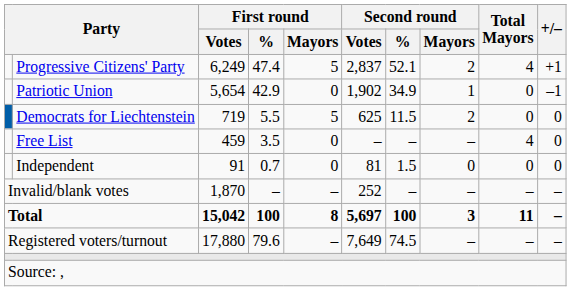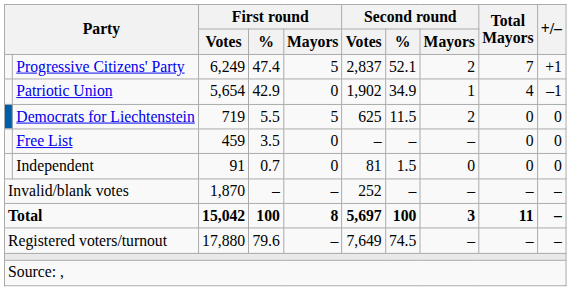 <table class="wikitable" style="text-align:right">
 <tr>
 <th colspan="2" rowspan="2">Party</th>
 <th colspan="3">First round</th>
 <th colspan="3">Second round</th>
 <th rowspan="2">Total<br>Mayors</th>
 <th rowspan="2">+/–</th>
 </tr>
 <tr>
 <th>Votes</th>
 <th>%</th>
 <th>Mayors</th>
 <th>Votes</th>
 <th>%</th>
 <th>Mayors</th>
 </tr>
 <tr>
 <td width="1" style="color:inherit;background:"></td>
 <td align="left"><a href='#'>Progressive Citizens' Party</a></td>
 <td>6,249</td>
 <td>47.4</td>
 <td>5</td>
 <td>2,837</td>
 <td>52.1</td>
 <td>2</td>
-<td>4</td>
+<td>7</td>
 <td>+1</td>
 </tr>
 <tr>
 <td width="1" style="color:inherit;background:"></td>
 <td align="left"><a href='#'>Patriotic Union</a></td>
 <td>5,654</td>
 <td>42.9</td>
 <td>0</td>
 <td>1,902</td>
 <td>34.9</td>
 <td>1</td>
-<td>0</td>
+<td>4</td>
 <td>–1</td>
 </tr>
 <tr>
 <td style="color:inherit;background:#005EA8"></td>
 <td align=left><a href='#'>Democrats for Liechtenstein</a></td>
 <td>719</td>
 <td>5.5</td>
 <td>5</td>
 <td>625</td>
 <td>11.5</td>
 <td>2</td>
 <td>0</td>
 <td>0</td>
 </tr>
 <tr>
 <td style="color:inherit;background:"></td>
 <td align=left><a href='#'>Free List</a></td>
 <td>459</td>
 <td>3.5</td>
 <td>0</td>
 <td>–</td>
 <td>–</td>
 <td>–</td>
-<td>4</td>
+<td>0</td>
 <td>0</td>
 </tr>
 <tr>
 <td style="color:inherit;background:"></td>
 <td align=left>Independent</td>
 <td>91</td>
 <td>0.7</td>
 <td>0</td>
 <td>81</td>
 <td>1.5</td>
 <td>0</td>
 <td>0</td>
 <td>0</td>
 </tr>
 <tr>
 <td colspan="2" align="left">Invalid/blank votes</td>
 <td>1,870</td>
 <td>–</td>
 <td>–</td>
 <td>252</td>
 <td>–</td>
 <td>–</td>
 <td>–</td>
 <td>–</td>
 </tr>
 <tr>
 <td colspan="2" align="left"><strong>Total</strong></td>
 <td><strong>15,042</strong></td>
 <td><strong>100</strong></td>
 <td><strong>8</strong></td>
 <td><strong>5,697</strong></td>
 <td><strong>100</strong></td>
 <td><strong>3</strong></td>
 <td><strong>11</strong></td>
 <td><strong>–</strong></td>
 </tr>
 <tr>
 <td colspan="2" align="left">Registered voters/turnout</td>
 <td>17,880</td>
 <td>79.6</td>
 <td>–</td>
 <td>7,649</td>
 <td>74.5</td>
 <td>–</td>
 <td>–</td>
 <td>–</td>
 </tr>
 <tr>
 <td colspan="10" style="color:inherit;background:#E9E9E9"></td>
 </tr>
 <tr>
 <td colspan="10" align="left">Source: , </td>
 </tr>
 </table>
